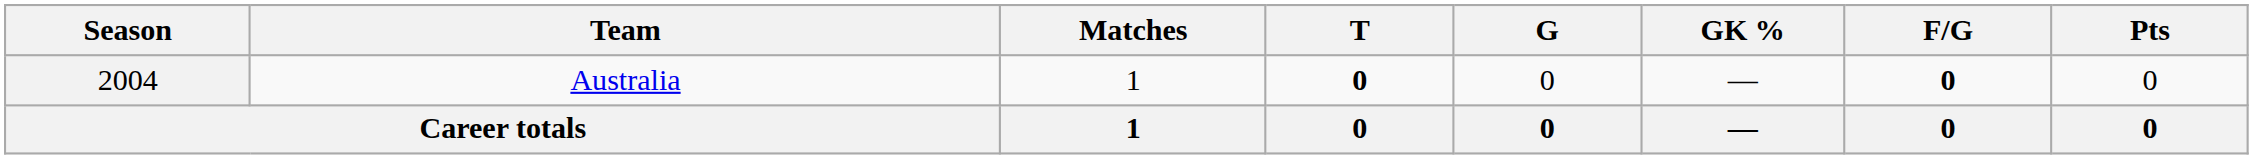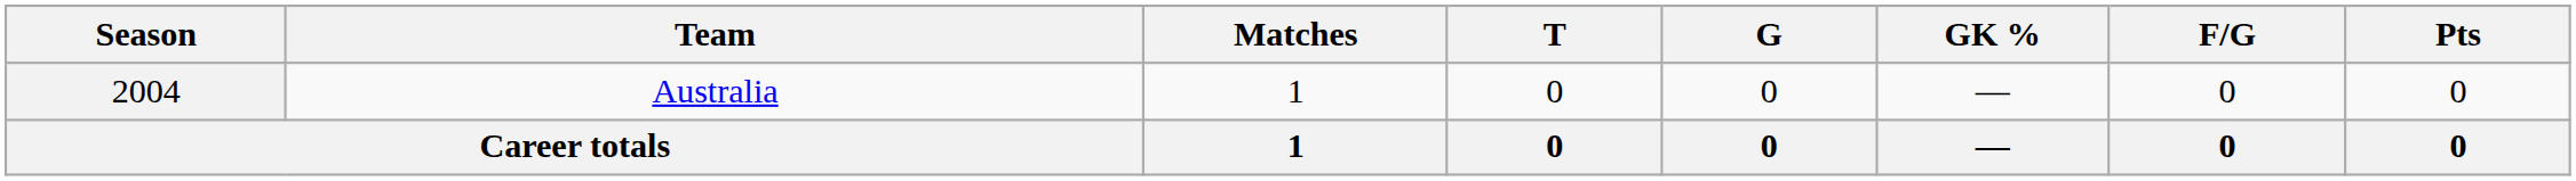 <table class="wikitable sortable"  style="font-size:90%; text-align:center; width:85%;">
 <tr>
 <th width=2%>Season</th>
 <th width=8%>Team</th>
 <th width=2%>Matches</th>
 <th width=2%>T</th>
 <th width=2%>G</th>
 <th width=2%>GK %</th>
 <th width=2%>F/G</th>
 <th width=2%>Pts</th>
 </tr>
 <tr>
 <th scope="row" style="text-align:center; font-weight:normal">2004</th>
 <td style="text-align:center;"> <a href='#'>Australia</a></td>
 <td>1</td>
-<td><strong>0</strong></td>
+<td>0</td>
 <td>0</td>
 <td>—</td>
-<td><strong>0</strong></td>
+<td>0</td>
 <td>0</td>
 </tr>
 <tr class="sortbottom">
 <th colspan=2>Career totals</th>
 <th>1</th>
 <th>0</th>
 <th>0</th>
 <th>—</th>
 <th>0</th>
 <th>0</th>
 </tr>
 </table>
